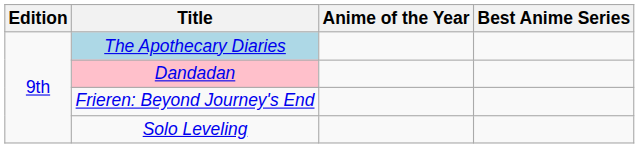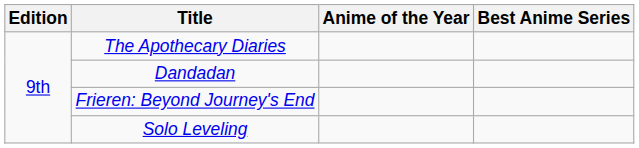 <table class="wikitable plainrowheaders" style="text-align:center;margin:auto;">
 <tr>
 <th>Edition</th>
 <th>Title</th>
 <th>Anime of the Year</th>
 <th>Best Anime Series</th>
 </tr>
 <tr>
 <td rowspan="4"><a href='#'>9th</a></td>
-<td style="background: lightblue;"><em><a href='#'>The Apothecary Diaries</a></em></td>
+<td><em><a href='#'>The Apothecary Diaries</a></em></td>
 <td></td>
 <td></td>
 </tr>
 <tr>
-<td style="background: pink;"><em><a href='#'>Dandadan</a></em></td>
+<td><em><a href='#'>Dandadan</a></em></td>
 <td></td>
 <td></td>
 </tr>
 <tr>
 <td><em><a href='#'>Frieren: Beyond Journey's End</a></em></td>
 <td></td>
 <td></td>
 </tr>
 <tr>
 <td><em><a href='#'>Solo Leveling</a></em></td>
 <td></td>
 <td></td>
 </tr>
 </table>
